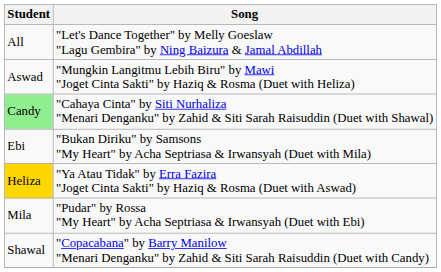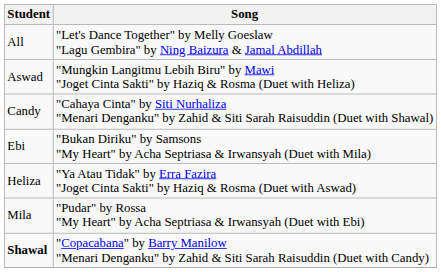 <table class="wikitable">
 <tr>
 <th>Student</th>
 <th>Song</th>
 </tr>
 <tr>
 <td>All</td>
 <td>"Let's Dance Together" by Melly Goeslaw <br> "Lagu Gembira" by <a href='#'>Ning Baizura</a> & <a href='#'>Jamal Abdillah</a></td>
 </tr>
 <tr>
 <td>Aswad</td>
 <td>"Mungkin Langitmu Lebih Biru" by <a href='#'>Mawi</a> <br> "Joget Cinta Sakti" by Haziq & Rosma (Duet with Heliza)</td>
 </tr>
 <tr>
-<td style="background: lightgreen;">Candy</td>
+<td>Candy</td>
 <td>"Cahaya Cinta" by <a href='#'>Siti Nurhaliza</a> <br> "Menari Denganku" by Zahid & Siti Sarah Raisuddin (Duet with Shawal)</td>
 </tr>
 <tr>
 <td>Ebi</td>
 <td>"Bukan Diriku" by Samsons <br> "My Heart" by Acha Septriasa & Irwansyah (Duet with Mila)</td>
 </tr>
 <tr>
-<td style="background: gold;">Heliza</td>
+<td>Heliza</td>
 <td>"Ya Atau Tidak" by <a href='#'>Erra Fazira</a> <br> "Joget Cinta Sakti" by Haziq & Rosma (Duet with Aswad)</td>
 </tr>
 <tr>
 <td>Mila</td>
 <td>"Pudar" by Rossa <br> "My Heart" by Acha Septriasa & Irwansyah (Duet with Ebi)</td>
 </tr>
 <tr>
-<td>Shawal</td>
+<td><strong>Shawal</strong></td>
 <td>"<a href='#'>Copacabana</a>" by <a href='#'>Barry Manilow</a> <br> "Menari Denganku" by Zahid & Siti Sarah Raisuddin (Duet with Candy)</td>
 </tr>
 <tr>
 </tr>
 </table>
